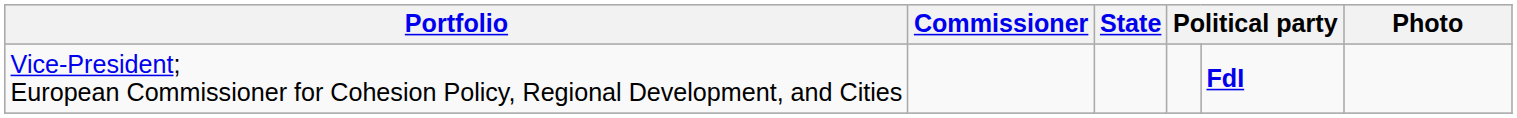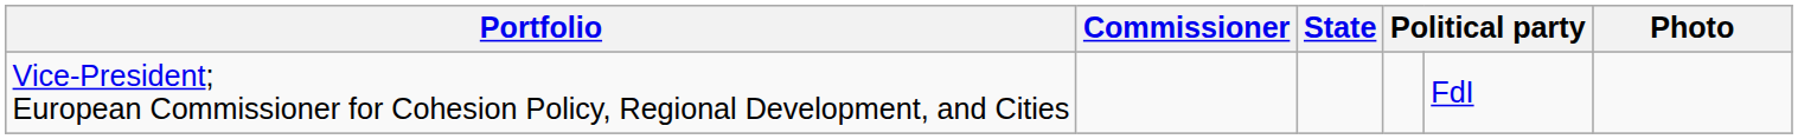 <table class="wikitable sortable" style="border-collapse:collapse; border:#555">
 <tr>
 <th bgcolor="#99badd"><a href='#'>Portfolio</a></th>
 <th bgcolor="#99badd"><a href='#'>Commissioner</a></th>
 <th bgcolor="#99badd"><a href='#'>State</a></th>
 <th colspan=2 bgcolor="#99badd">Political party</th>
 <th width="100" class="unsortable" bgcolor="#99badd">Photo</th>
 </tr>
 <tr>
 <td><a href='#'>Vice-President</a>;<br>European Commissioner for Cohesion Policy, Regional Development, and Cities</td>
 <td></td>
 <td></td>
 <td style="background-color:"></td>
-<td><strong><a href='#'>FdI</a></strong></td>
+<td><a href='#'>FdI</a></td>
 <td></td>
 </tr>
 </table>
